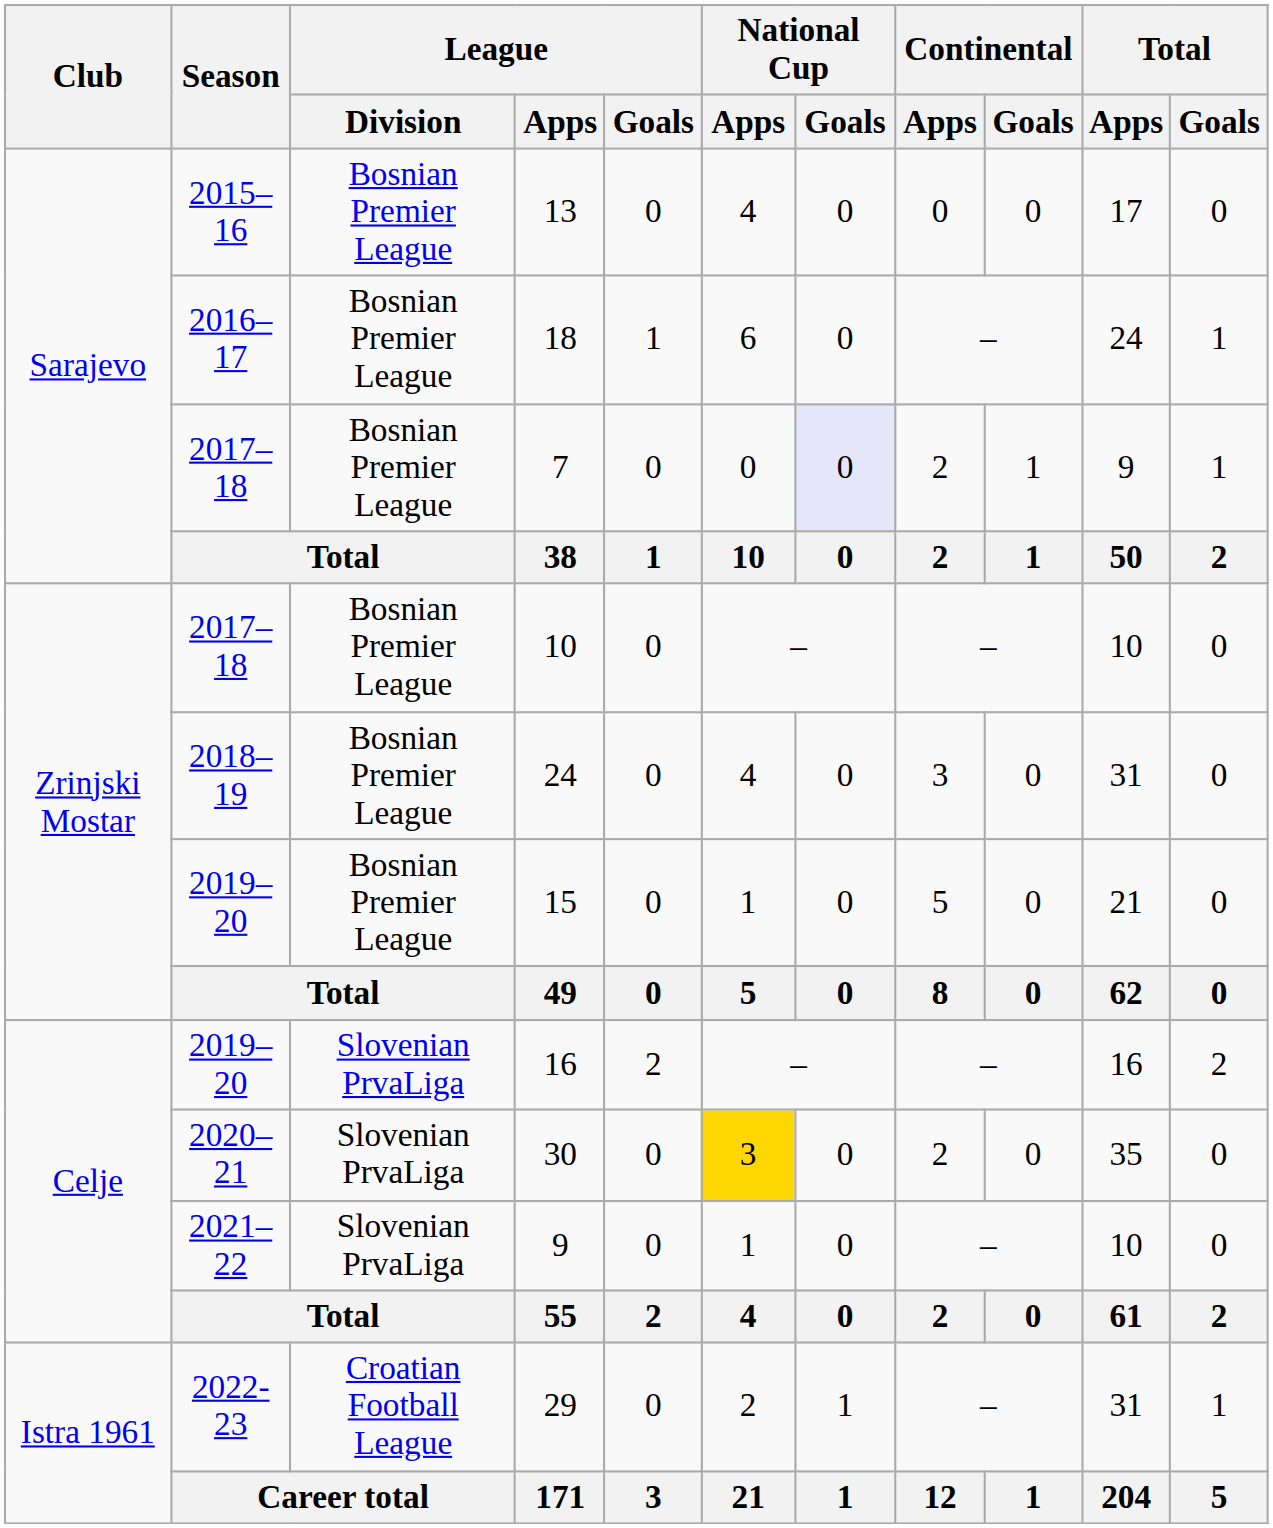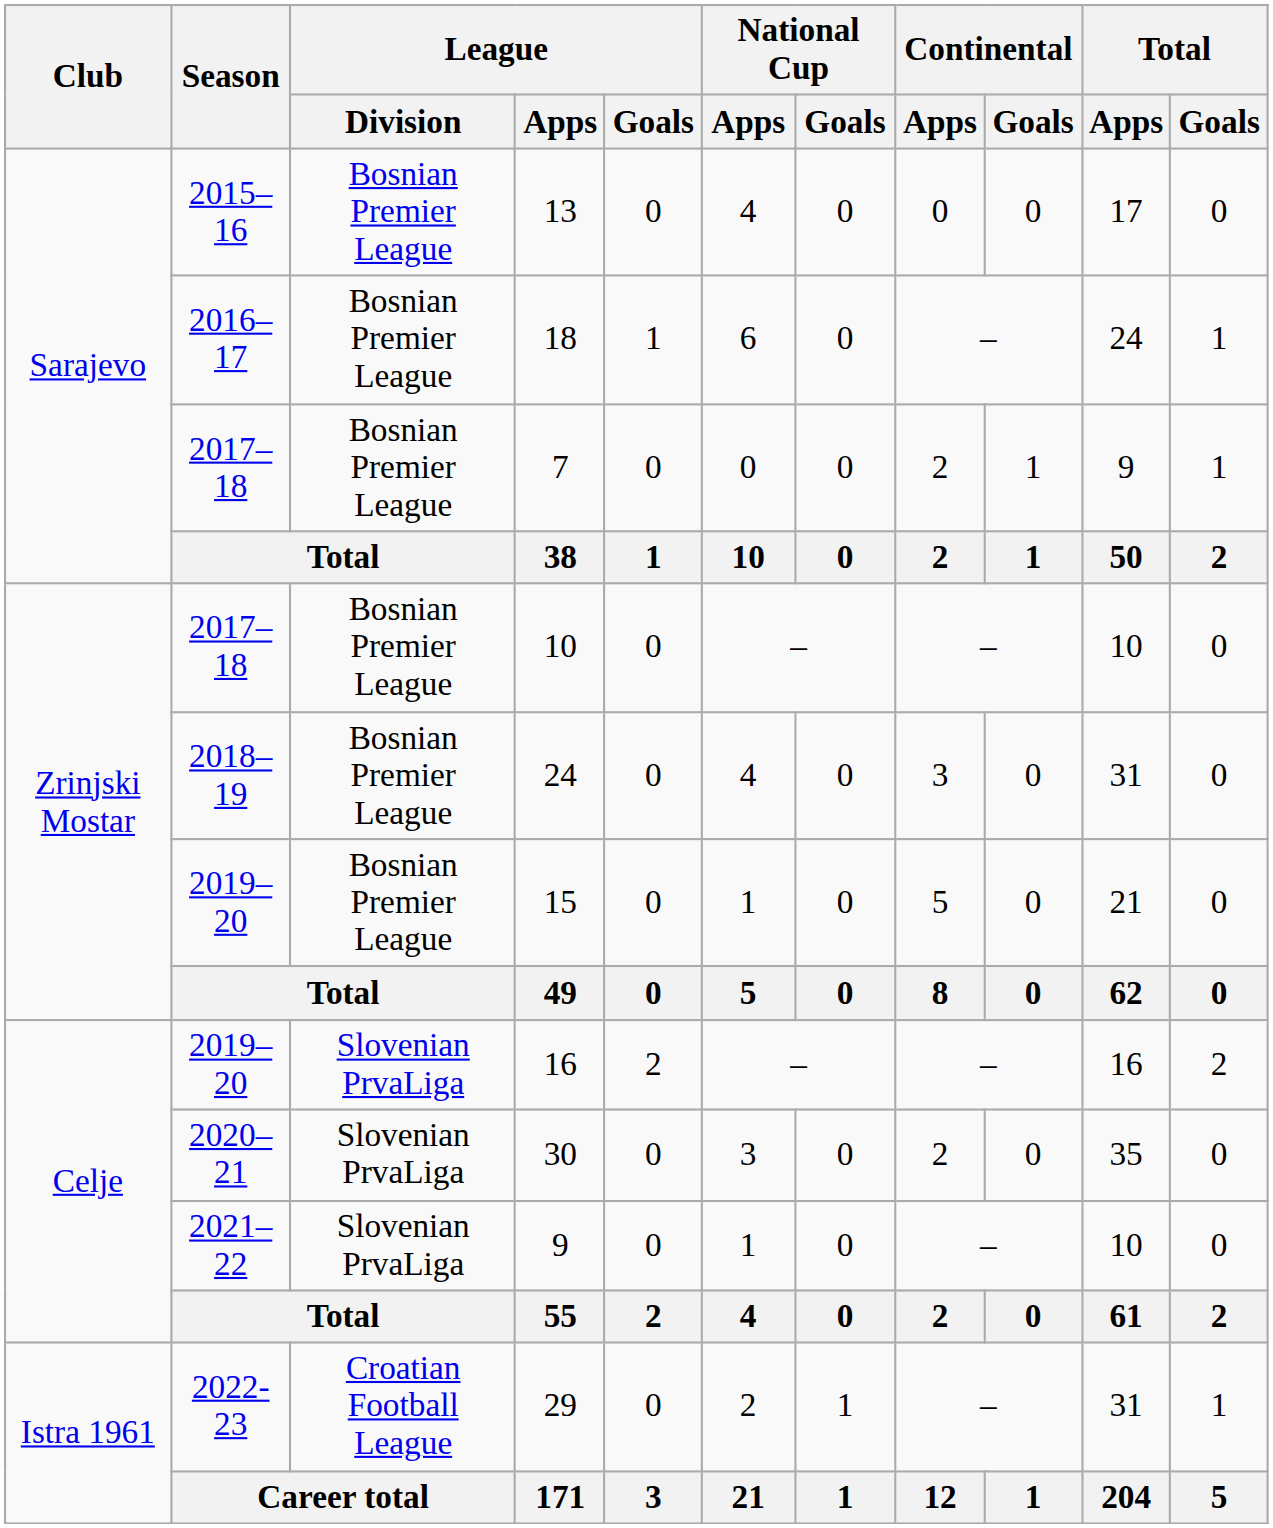 <table class="wikitable" style="text-align:center">
 <tr>
 <th rowspan=2>Club</th>
 <th rowspan=2>Season</th>
 <th colspan=3>League</th>
 <th colspan=2>National Cup</th>
 <th colspan=2>Continental</th>
 <th colspan=2>Total</th>
 </tr>
 <tr>
 <th>Division</th>
 <th>Apps</th>
 <th>Goals</th>
 <th>Apps</th>
 <th>Goals</th>
 <th>Apps</th>
 <th>Goals</th>
 <th>Apps</th>
 <th>Goals</th>
 </tr>
 <tr>
 <td rowspan=4><a href='#'>Sarajevo</a></td>
 <td><a href='#'>2015–16</a></td>
 <td><a href='#'>Bosnian Premier League</a></td>
 <td>13</td>
 <td>0</td>
 <td>4</td>
 <td>0</td>
 <td>0</td>
 <td>0</td>
 <td>17</td>
 <td>0</td>
 </tr>
 <tr>
 <td><a href='#'>2016–17</a></td>
 <td>Bosnian Premier League</td>
 <td>18</td>
 <td>1</td>
 <td>6</td>
 <td>0</td>
 <td colspan=2>–</td>
 <td>24</td>
 <td>1</td>
 </tr>
 <tr>
 <td><a href='#'>2017–18</a></td>
 <td>Bosnian Premier League</td>
 <td>7</td>
 <td>0</td>
 <td>0</td>
-<td style="background: lavender;">0</td>
+<td>0</td>
 <td>2</td>
 <td>1</td>
 <td>9</td>
 <td>1</td>
 </tr>
 <tr>
 <th colspan=2>Total</th>
 <th>38</th>
 <th>1</th>
 <th>10</th>
 <th>0</th>
 <th>2</th>
 <th>1</th>
 <th>50</th>
 <th>2</th>
 </tr>
 <tr>
 <td rowspan=4><a href='#'>Zrinjski Mostar</a></td>
 <td><a href='#'>2017–18</a></td>
 <td>Bosnian Premier League</td>
 <td>10</td>
 <td>0</td>
 <td colspan=2>–</td>
 <td colspan=2>–</td>
 <td>10</td>
 <td>0</td>
 </tr>
 <tr>
 <td><a href='#'>2018–19</a></td>
 <td>Bosnian Premier League</td>
 <td>24</td>
 <td>0</td>
 <td>4</td>
 <td>0</td>
 <td>3</td>
 <td>0</td>
 <td>31</td>
 <td>0</td>
 </tr>
 <tr>
 <td><a href='#'>2019–20</a></td>
 <td>Bosnian Premier League</td>
 <td>15</td>
 <td>0</td>
 <td>1</td>
 <td>0</td>
 <td>5</td>
 <td>0</td>
 <td>21</td>
 <td>0</td>
 </tr>
 <tr>
 <th colspan=2>Total</th>
 <th>49</th>
 <th>0</th>
 <th>5</th>
 <th>0</th>
 <th>8</th>
 <th>0</th>
 <th>62</th>
 <th>0</th>
 </tr>
 <tr>
 <td rowspan=4><a href='#'>Celje</a></td>
 <td><a href='#'>2019–20</a></td>
 <td><a href='#'>Slovenian PrvaLiga</a></td>
 <td>16</td>
 <td>2</td>
 <td colspan=2>–</td>
 <td colspan=2>–</td>
 <td>16</td>
 <td>2</td>
 </tr>
 <tr>
 <td><a href='#'>2020–21</a></td>
 <td>Slovenian PrvaLiga</td>
 <td>30</td>
 <td>0</td>
-<td style="background: gold;">3</td>
+<td>3</td>
 <td>0</td>
 <td>2</td>
 <td>0</td>
 <td>35</td>
 <td>0</td>
 </tr>
 <tr>
 <td><a href='#'>2021–22</a></td>
 <td>Slovenian PrvaLiga</td>
 <td>9</td>
 <td>0</td>
 <td>1</td>
 <td>0</td>
 <td colspan=2>–</td>
 <td>10</td>
 <td>0</td>
 </tr>
 <tr>
 <th colspan=2>Total</th>
 <th>55</th>
 <th>2</th>
 <th>4</th>
 <th>0</th>
 <th>2</th>
 <th>0</th>
 <th>61</th>
 <th>2</th>
 </tr>
 <tr>
 <td rowspan=2><a href='#'>Istra 1961</a></td>
 <td><a href='#'>2022-23</a></td>
 <td><a href='#'>Croatian Football League</a></td>
 <td>29</td>
 <td>0</td>
 <td>2</td>
 <td>1</td>
 <td colspan=2>–</td>
 <td>31</td>
 <td>1</td>
 </tr>
 <tr>
 <th colspan=2>Career total</th>
 <th>171</th>
 <th>3</th>
 <th>21</th>
 <th>1</th>
 <th>12</th>
 <th>1</th>
 <th>204</th>
 <th>5</th>
 </tr>
 </table>
